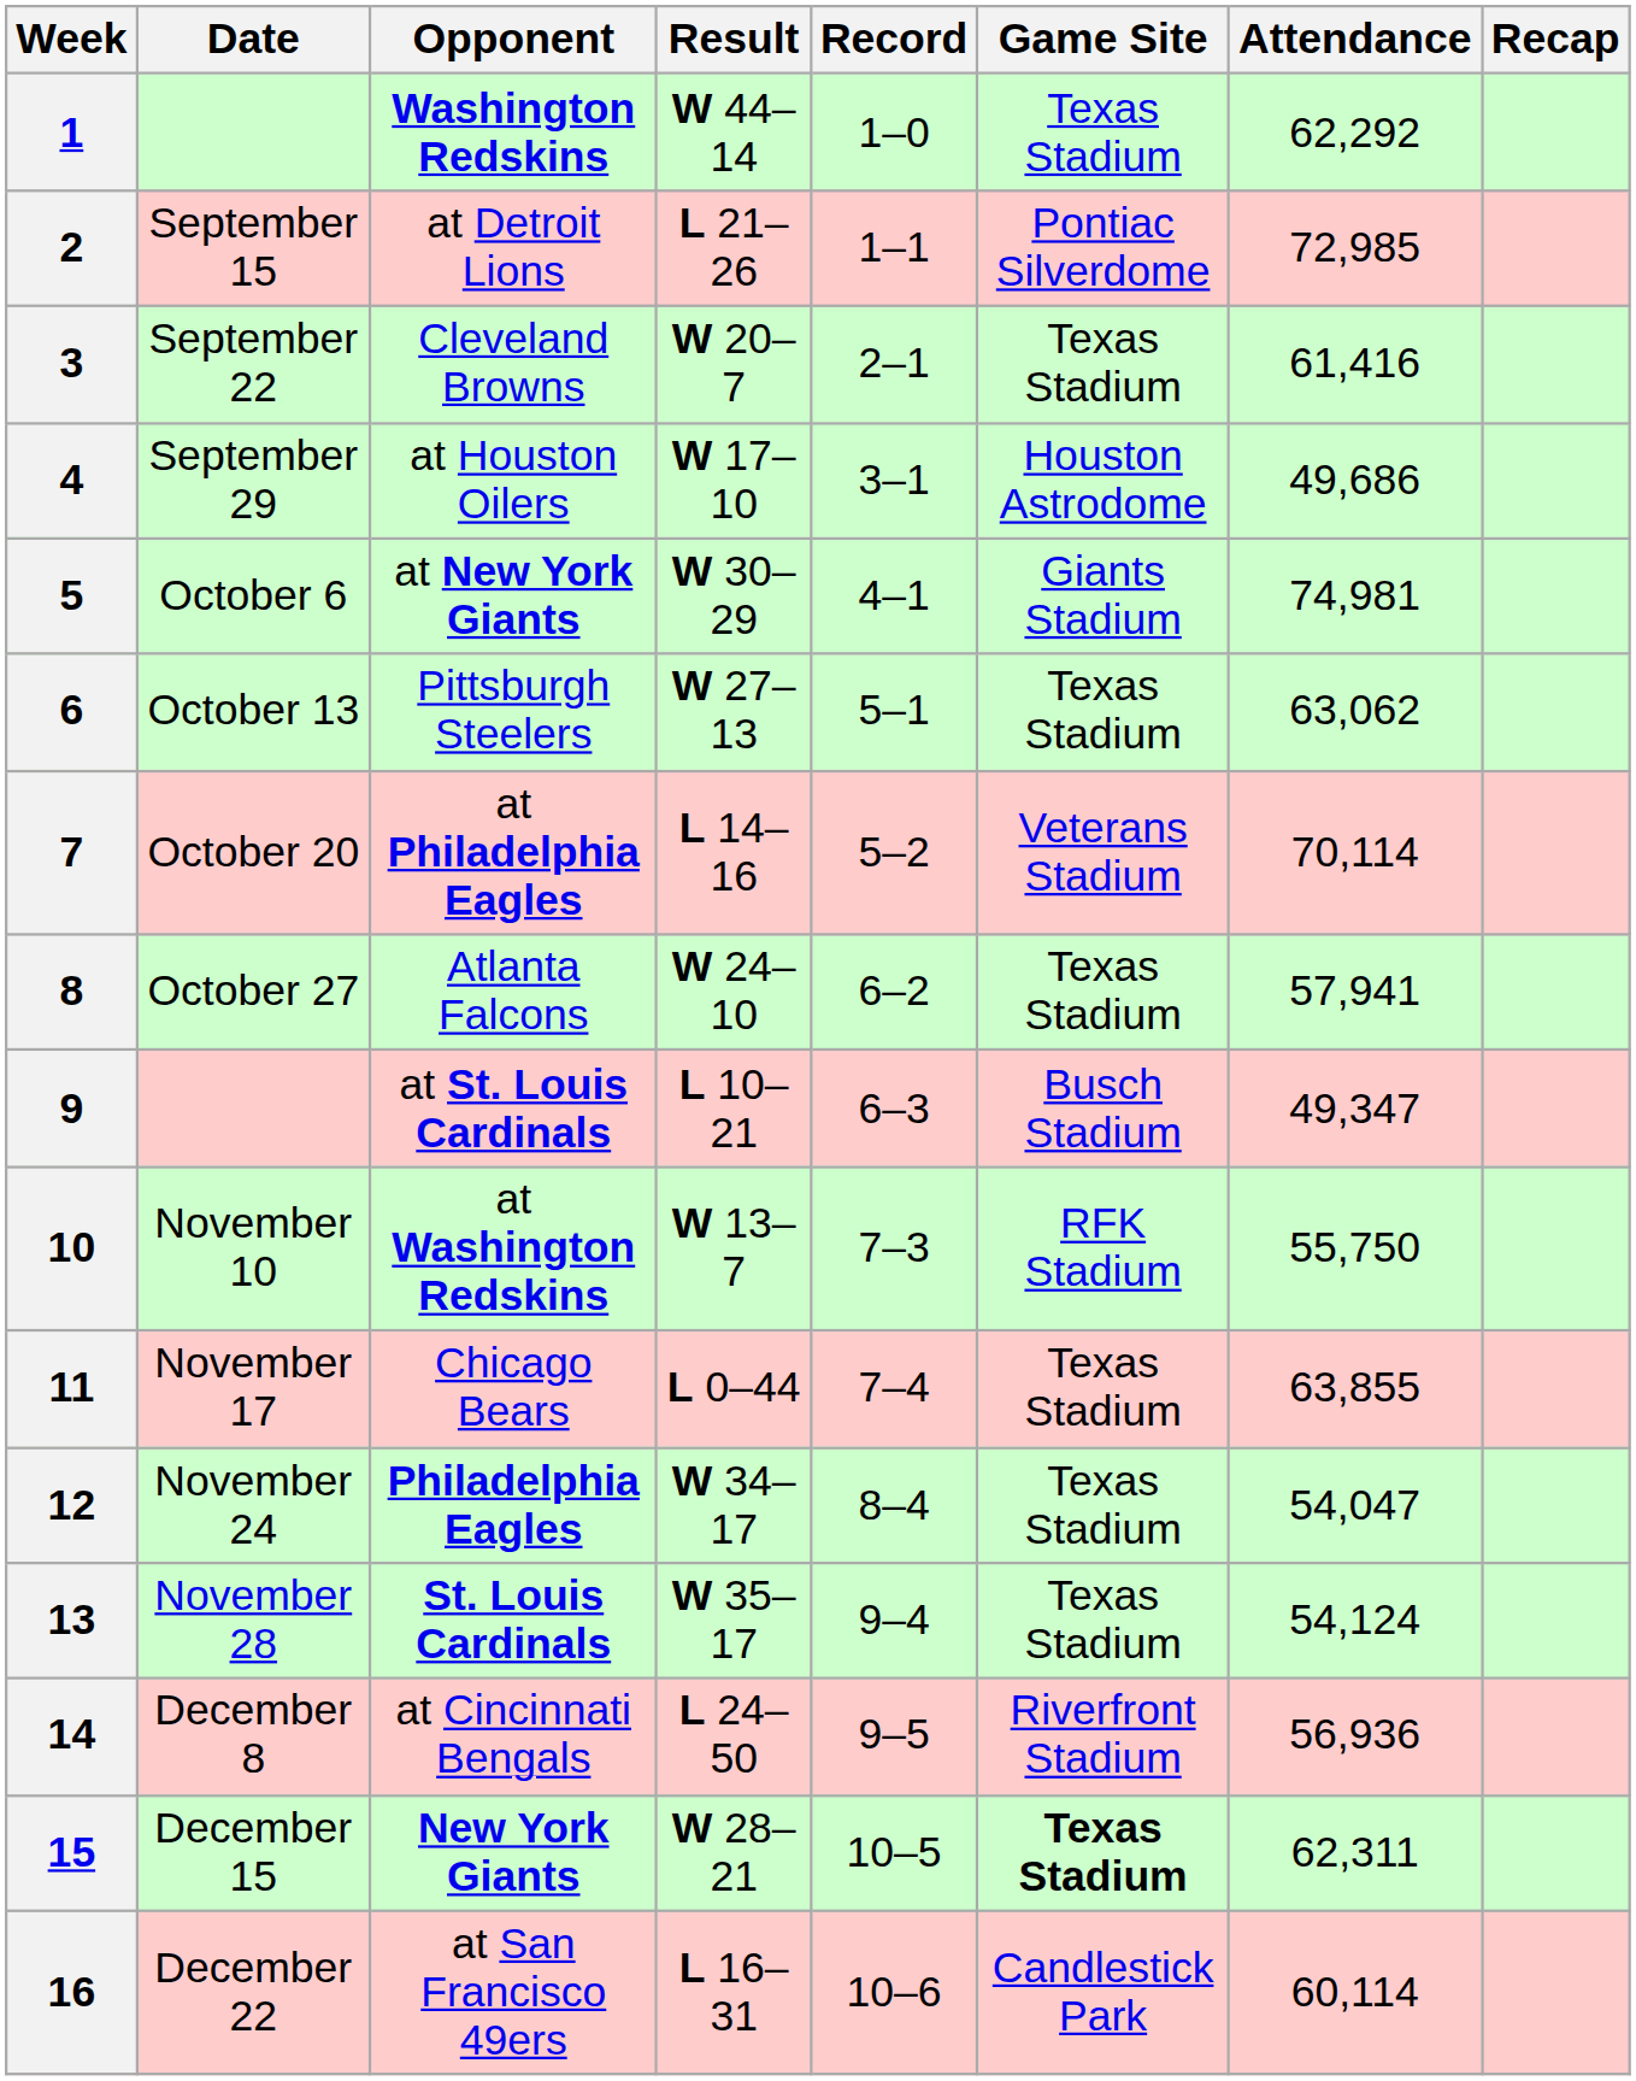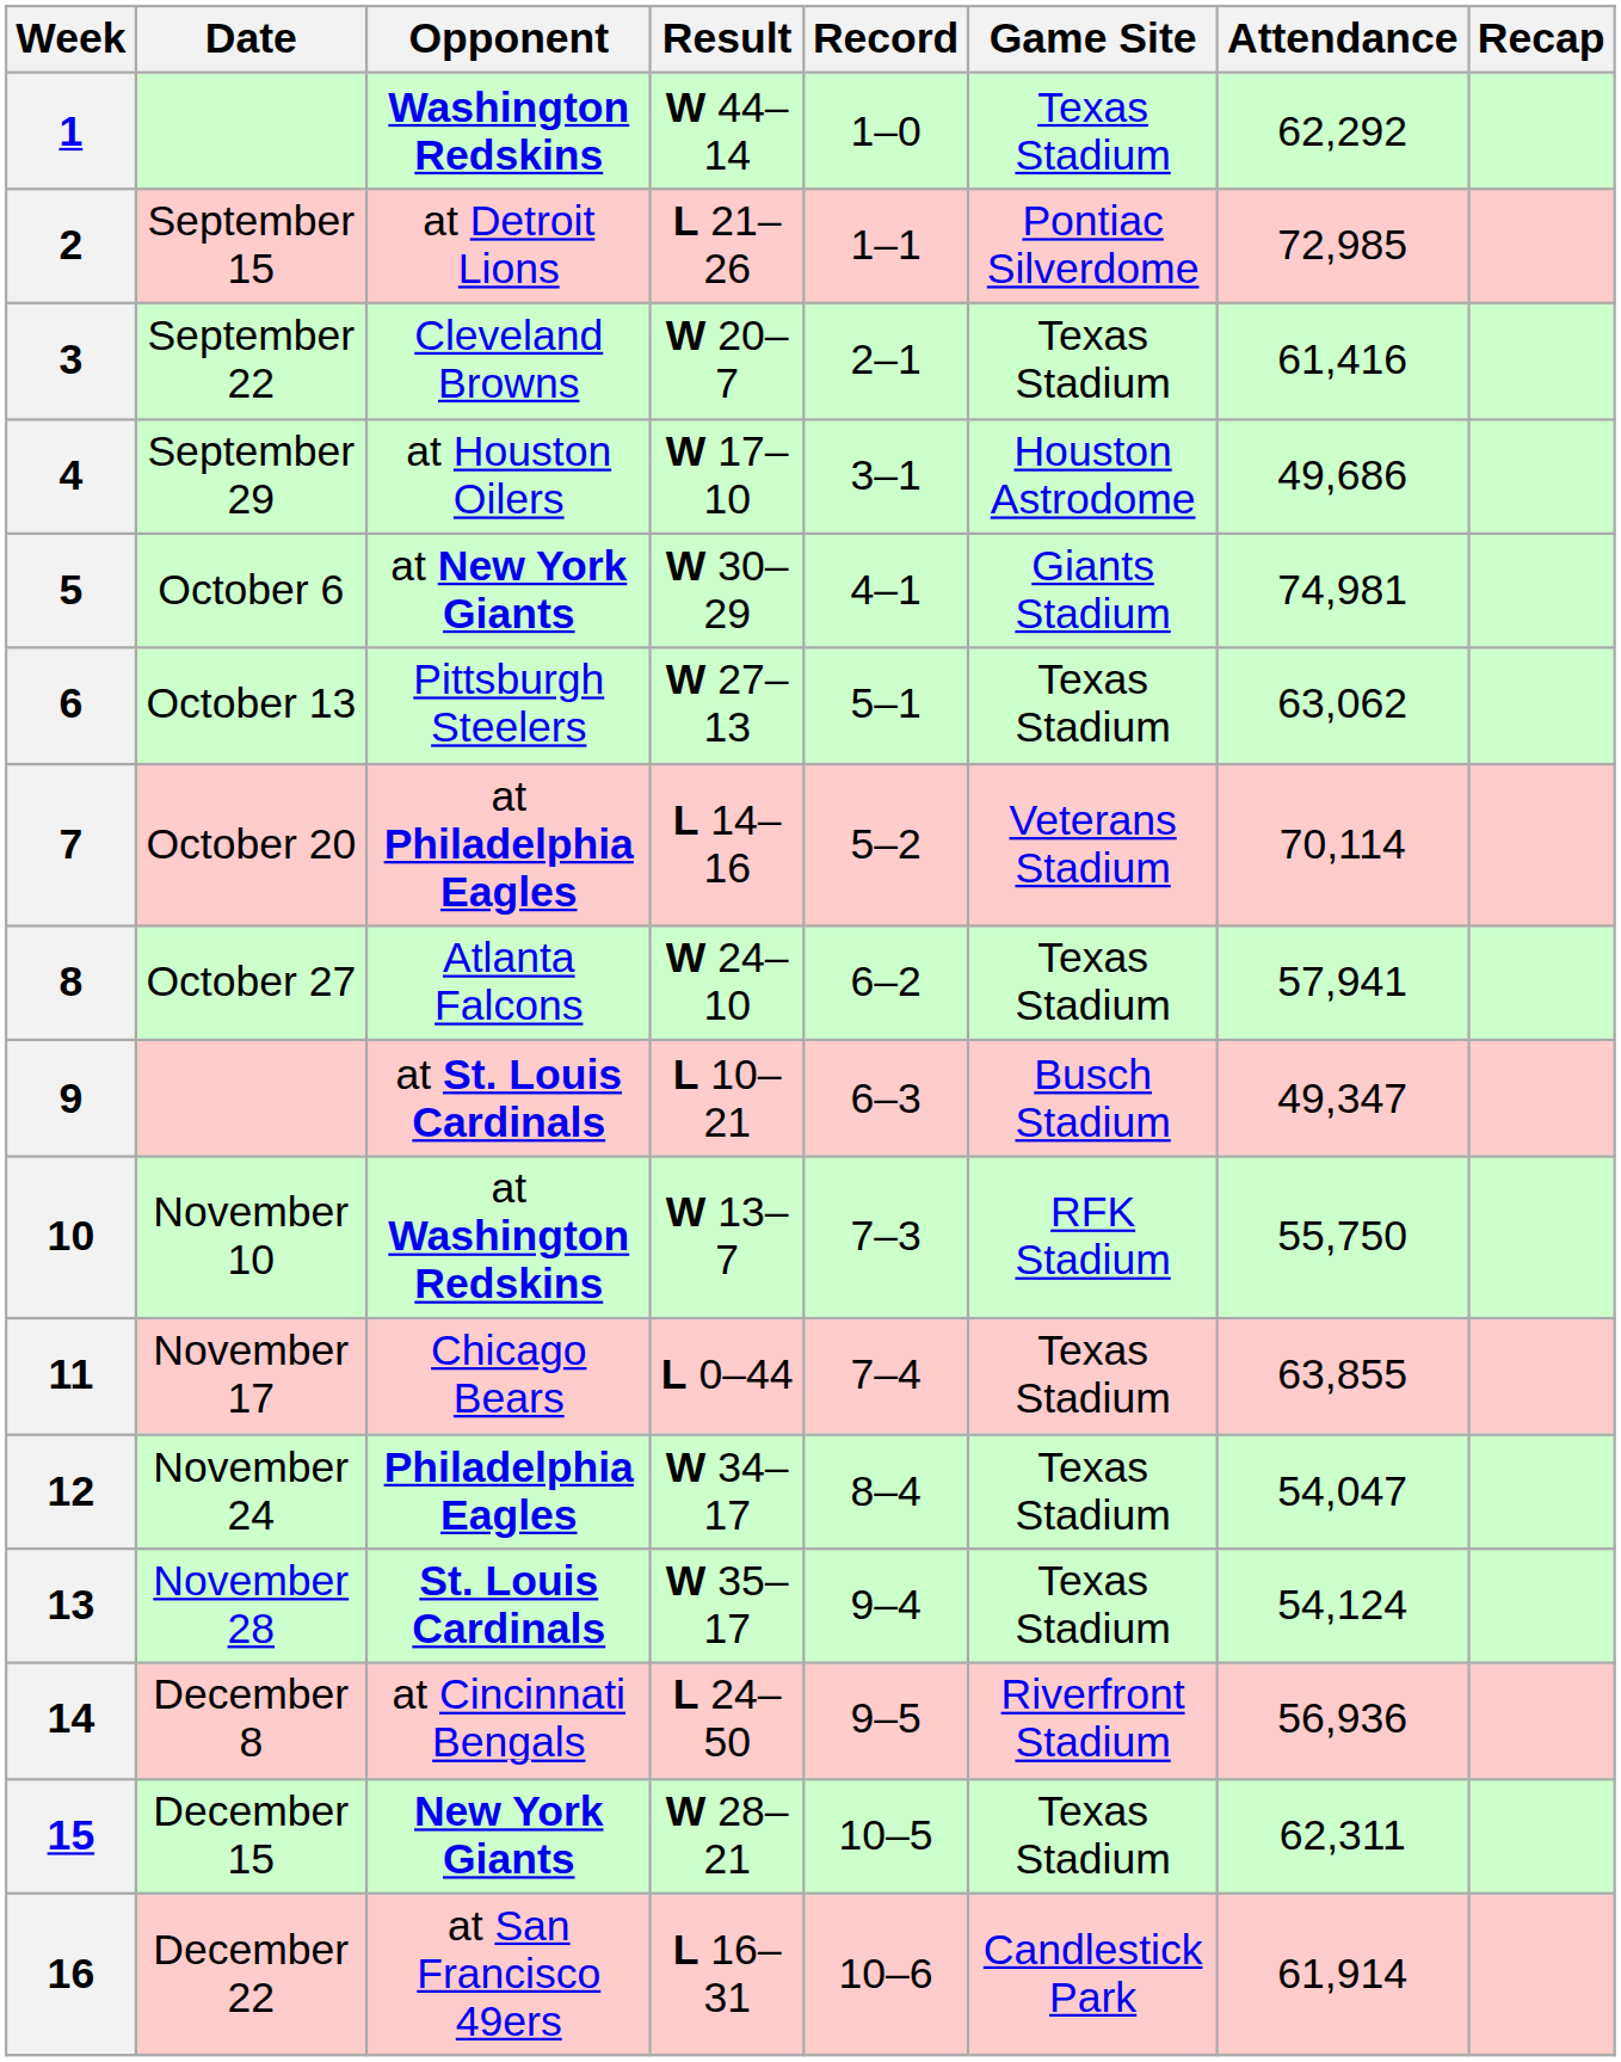 <table class="wikitable" style="text-align:center">
 <tr>
 <th>Week</th>
 <th>Date</th>
 <th>Opponent</th>
 <th>Result</th>
 <th>Record</th>
 <th>Game Site</th>
 <th>Attendance</th>
 <th>Recap</th>
 </tr>
 <tr style="background: #cfc">
 <th><a href='#'>1</a></th>
 <td></td>
 <td><strong><a href='#'>Washington Redskins</a></strong></td>
 <td><strong>W</strong> 44–14</td>
 <td>1–0</td>
 <td><a href='#'>Texas Stadium</a></td>
 <td>62,292</td>
 <td></td>
 </tr>
 <tr style="background: #fcc">
 <th>2</th>
 <td>September 15</td>
 <td>at <a href='#'>Detroit Lions</a></td>
 <td><strong>L</strong> 21–26</td>
 <td>1–1</td>
 <td><a href='#'>Pontiac Silverdome</a></td>
 <td>72,985</td>
 <td></td>
 </tr>
 <tr style="background: #cfc">
 <th>3</th>
 <td>September 22</td>
 <td><a href='#'>Cleveland Browns</a></td>
 <td><strong>W</strong> 20–7</td>
 <td>2–1</td>
 <td>Texas Stadium</td>
 <td>61,416</td>
 <td></td>
 </tr>
 <tr style="background: #cfc">
 <th>4</th>
 <td>September 29</td>
 <td>at <a href='#'>Houston Oilers</a></td>
 <td><strong>W</strong> 17–10</td>
 <td>3–1</td>
 <td><a href='#'>Houston Astrodome</a></td>
 <td>49,686</td>
 <td></td>
 </tr>
 <tr style="background: #cfc">
 <th>5</th>
 <td>October 6</td>
 <td>at <strong><a href='#'>New York Giants</a></strong></td>
 <td><strong>W</strong> 30–29</td>
 <td>4–1</td>
 <td><a href='#'>Giants Stadium</a></td>
 <td>74,981</td>
 <td></td>
 </tr>
 <tr style="background: #cfc">
 <th>6</th>
 <td>October 13</td>
 <td><a href='#'>Pittsburgh Steelers</a></td>
 <td><strong>W</strong> 27–13</td>
 <td>5–1</td>
 <td>Texas Stadium</td>
 <td>63,062</td>
 <td></td>
 </tr>
 <tr style="background: #fcc">
 <th>7</th>
 <td>October 20</td>
 <td>at <strong><a href='#'>Philadelphia Eagles</a></strong></td>
 <td><strong>L</strong> 14–16</td>
 <td>5–2</td>
 <td><a href='#'>Veterans Stadium</a></td>
 <td>70,114</td>
 <td></td>
 </tr>
 <tr style="background: #cfc">
 <th>8</th>
 <td>October 27</td>
 <td><a href='#'>Atlanta Falcons</a></td>
 <td><strong>W</strong> 24–10</td>
 <td>6–2</td>
 <td>Texas Stadium</td>
 <td>57,941</td>
 <td></td>
 </tr>
 <tr style="background: #fcc">
 <th>9</th>
 <td></td>
 <td>at <strong><a href='#'>St. Louis Cardinals</a></strong></td>
 <td><strong>L</strong> 10–21</td>
 <td>6–3</td>
 <td><a href='#'>Busch Stadium</a></td>
 <td>49,347</td>
 <td></td>
 </tr>
 <tr style="background: #cfc">
 <th>10</th>
 <td>November 10</td>
 <td>at <strong><a href='#'>Washington Redskins</a></strong></td>
 <td><strong>W</strong> 13–7</td>
 <td>7–3</td>
 <td><a href='#'>RFK Stadium</a></td>
 <td>55,750</td>
 <td></td>
 </tr>
 <tr style="background: #fcc">
 <th>11</th>
 <td>November 17</td>
 <td><a href='#'>Chicago Bears</a></td>
 <td><strong>L</strong> 0–44</td>
 <td>7–4</td>
 <td>Texas Stadium</td>
 <td>63,855</td>
 <td></td>
 </tr>
 <tr style="background: #cfc">
 <th>12</th>
 <td>November 24</td>
 <td><strong><a href='#'>Philadelphia Eagles</a></strong></td>
 <td><strong>W</strong> 34–17</td>
 <td>8–4</td>
 <td>Texas Stadium</td>
 <td>54,047</td>
 <td></td>
 </tr>
 <tr style="background: #cfc">
 <th>13</th>
 <td><a href='#'>November 28</a></td>
 <td><strong><a href='#'>St. Louis Cardinals</a></strong></td>
 <td><strong>W</strong> 35–17</td>
 <td>9–4</td>
 <td>Texas Stadium</td>
 <td>54,124</td>
 <td></td>
 </tr>
 <tr style="background: #fcc">
 <th>14</th>
 <td>December 8</td>
 <td>at <a href='#'>Cincinnati Bengals</a></td>
 <td><strong>L</strong> 24–50</td>
 <td>9–5</td>
 <td><a href='#'>Riverfront Stadium</a></td>
 <td>56,936</td>
 <td></td>
 </tr>
 <tr style="background: #cfc">
 <th><a href='#'>15</a></th>
 <td>December 15</td>
 <td><strong><a href='#'>New York Giants</a></strong></td>
 <td><strong>W</strong> 28–21</td>
 <td>10–5</td>
-<td><strong>Texas Stadium</strong></td>
+<td>Texas Stadium</td>
 <td>62,311</td>
 <td></td>
 </tr>
 <tr style="background: #fcc">
 <th>16</th>
 <td>December 22</td>
 <td>at <a href='#'>San Francisco 49ers</a></td>
 <td><strong>L</strong> 16–31</td>
 <td>10–6</td>
 <td><a href='#'>Candlestick Park</a></td>
-<td>60,114</td>
+<td>61,914</td>
 <td></td>
 </tr>
 </table>
